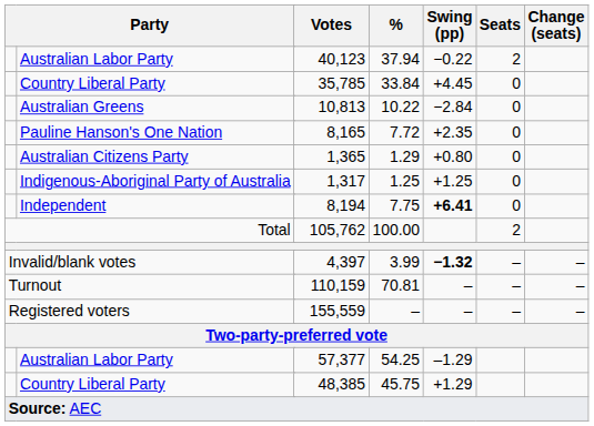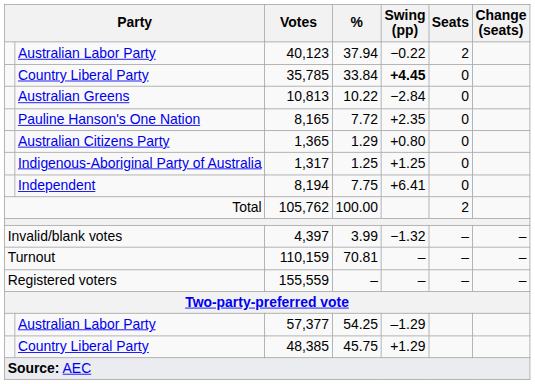 <table class="wikitable" style="text-align:right;  margin-bottom:0">
 <tr>
 <th style="width:200px" colspan=3>Party</th>
 <th style="width:70px;">Votes</th>
 <th style="width:40px;">%</th>
 <th style="width:40px;">Swing (pp)</th>
 <th style="width:40px;">Seats</th>
 <th style="width:40px;">Change (seats)</th>
 </tr>
 <tr>
 <td> </td>
 <td style="text-align:left;" colspan="2"><a href='#'>Australian Labor Party</a></td>
 <td align=right>40,123</td>
 <td align=right>37.94</td>
 <td align=right>−0.22</td>
 <td align=right>2</td>
 <td align=right></td>
 </tr>
 <tr>
 <td> </td>
 <td style="text-align:left;" colspan="2"><a href='#'>Country Liberal Party</a></td>
 <td align=right>35,785</td>
 <td align=right>33.84</td>
-<td align=right>+4.45</td>
+<td align=right><strong>+4.45</strong></td>
 <td align=right>0</td>
 <td align=right></td>
 </tr>
 <tr>
 <td> </td>
 <td style="text-align:left;" colspan="2"><a href='#'>Australian Greens</a></td>
 <td align=right>10,813</td>
 <td align=right>10.22</td>
 <td align=right>−2.84</td>
 <td align=right>0</td>
 <td align=right></td>
 </tr>
 <tr>
 <td> </td>
 <td style="text-align:left;" colspan="2"><a href='#'>Pauline Hanson's One Nation</a></td>
 <td align=right>8,165</td>
 <td align=right>7.72</td>
 <td align=right>+2.35</td>
 <td align=right>0</td>
 <td align=right></td>
 </tr>
 <tr>
 <td> </td>
 <td style="text-align:left;" colspan="2"><a href='#'>Australian Citizens Party</a></td>
 <td align=right>1,365</td>
 <td align=right>1.29</td>
 <td align=right>+0.80</td>
 <td align=right>0</td>
 <td align=right></td>
 </tr>
 <tr>
 <td> </td>
 <td style="text-align:left;" colspan="2"><a href='#'>Indigenous-Aboriginal Party of Australia</a></td>
 <td align=right>1,317</td>
 <td align=right>1.25</td>
 <td align=right>+1.25</td>
 <td align=right>0</td>
 <td align=right></td>
 </tr>
 <tr>
 <td> </td>
 <td style="text-align:left;" colspan="2"><a href='#'>Independent</a></td>
 <td align=right>8,194</td>
 <td align=right>7.75</td>
-<td align=right><strong>+6.41</strong></td>
+<td align=right>+6.41</td>
 <td align=right>0</td>
 <td align=right></td>
 </tr>
 <tr>
 <td colspan="3" align="right">Total</td>
 <td>105,762</td>
 <td>100.00</td>
 <td></td>
 <td>2</td>
 <td></td>
 </tr>
 <tr>
 <th colspan="9"></th>
 </tr>
 <tr>
 <td style="text-align:left;" colspan="3">Invalid/blank votes</td>
 <td>4,397</td>
 <td>3.99</td>
-<td><strong>−1.32</strong></td>
+<td>−1.32</td>
 <td>–</td>
 <td>–</td>
 </tr>
 <tr>
 <td style="text-align:left;" colspan="3">Turnout</td>
 <td>110,159</td>
 <td>70.81</td>
 <td>–</td>
 <td>–</td>
 <td>–</td>
 </tr>
 <tr>
 <td colspan="3" style="text-align:left;">Registered voters</td>
 <td>155,559</td>
 <td>–</td>
 <td>–</td>
 <td>–</td>
 <td>–</td>
 </tr>
 <tr>
 <th colspan="8"><a href='#'>Two-party-preferred vote</a></th>
 </tr>
 <tr>
 <td></td>
 <td colspan="2" style="text-align:left;"><a href='#'>Australian Labor Party</a></td>
 <td>57,377</td>
 <td>54.25</td>
 <td>–1.29</td>
 <td></td>
 <td></td>
 </tr>
 <tr>
 <td></td>
 <td colspan="2" style="text-align:left;"><a href='#'>Country Liberal Party</a></td>
 <td>48,385</td>
 <td>45.75</td>
 <td>+1.29</td>
 <td></td>
 <td></td>
 </tr>
 <tr>
 <td style="text-align:left; background-color:#eaecf0" colspan="8"><strong>Source:</strong> <a href='#'>AEC</a></td>
 </tr>
 </table>
